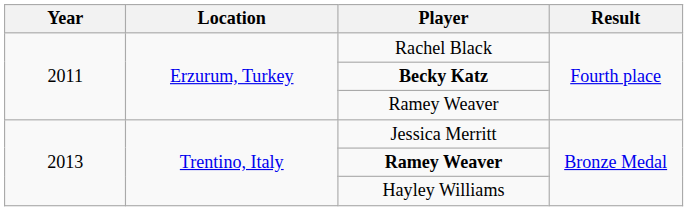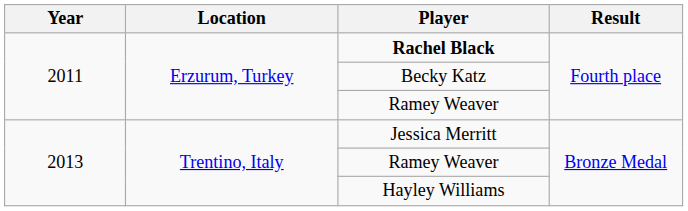 <table class="wikitable" style="text-align: center;">
 <tr>
 <th scope="col" width="100px">Year</th>
 <th scope="col" width="180px">Location</th>
 <th scope="col" width="180px">Player</th>
 <th scope="col" width="110px">Result</th>
 </tr>
 <tr>
 <td rowspan="3">2011</td>
 <td rowspan="3"> <a href='#'>Erzurum, Turkey</a></td>
-<td> Rachel Black</td>
+<td><strong> Rachel Black</strong></td>
 <td rowspan="3"><a href='#'>Fourth place</a></td>
 </tr>
 <tr>
-<td><strong> Becky Katz</strong></td>
+<td> Becky Katz</td>
 </tr>
 <tr>
 <td> Ramey Weaver</td>
 </tr>
 <tr>
 <td rowspan="3">2013</td>
 <td rowspan="3"> <a href='#'>Trentino, Italy</a></td>
 <td> Jessica Merritt</td>
 <td rowspan="3"><a href='#'>Bronze Medal</a></td>
 </tr>
 <tr>
-<td><strong> Ramey Weaver</strong></td>
+<td> Ramey Weaver</td>
 </tr>
 <tr>
 <td> Hayley Williams</td>
 </tr>
 </table>
